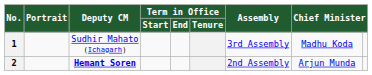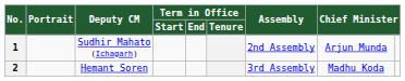 <table class="wikitable sortable" style="text-align: center;">
 <tr>
 <th rowspan ="2" style="background-color:#215B30; color:white">No.</th>
 <th rowspan ="2" style="background-color:#215B30; color:white">Portrait</th>
 <th rowspan ="2" style="background-color:#215B30; color:white">Deputy CM<br></th>
 <th colspan ="3"  style="background-color:#215B30; color:white">Term in Office</th>
 <th rowspan ="2" style="background-color:#215B30; color:white">Assembly<br></th>
 <th rowspan ="2" colspan="2" style="background-color:#215B30; color:white">Chief Minister</th>
 </tr>
 <tr>
 <th style="background-color:#215B30; color:white">Start</th>
 <th style="background-color:#215B30; color:white">End</th>
 <th style="background-color:#215B30; color:white">Tenure</th>
 </tr>
 <tr>
 <th>1</th>
 <td></td>
 <td><a href='#'>Sudhir Mahato</a><br><small>(<a href='#'>Ichagarh</a>)</small></td>
 <td></td>
 <td></td>
 <th></th>
-<td><a href='#'>3rd Assembly</a><br></td>
-<td><a href='#'>Madhu Koda</a></td>
+<td><a href='#'>2nd Assembly</a><br></td>
+<td><a href='#'>Arjun Munda</a></td>
 <td style="background-color: "></td>
 </tr>
 <tr>
 <th>2</th>
 <td></td>
-<td><strong><a href='#'>Hemant Soren</a><br></strong></td>
+<td><a href='#'>Hemant Soren</a><br></td>
 <td></td>
 <td></td>
 <th></th>
-<td><a href='#'>2nd Assembly</a><br></td>
-<td><a href='#'>Arjun Munda</a></td>
+<td><a href='#'>3rd Assembly</a><br></td>
+<td><a href='#'>Madhu Koda</a></td>
 <td style="background-color: "></td>
 </tr>
 </table>
